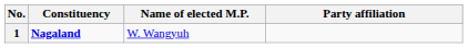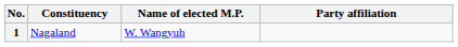 <table class="wikitable">
 <tr style="background:#ccc; text-align:center;">
 <th>No.</th>
 <th style="width:120px">Constituency</th>
 <th style="width:180px">Name of elected M.P.</th>
 <th colspan="2" style="width:18em">Party affiliation</th>
 </tr>
 <tr>
 <th>1</th>
-<td><strong><a href='#'>Nagaland</a></strong></td>
+<td><a href='#'>Nagaland</a></td>
 <td><a href='#'>W. Wangyuh</a></td>
 <td></td>
 </tr>
 </table>
